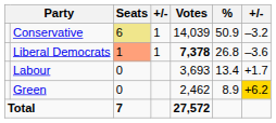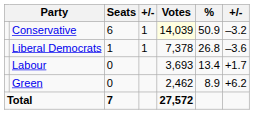 <table class="wikitable sortable">
 <tr>
 <th colspan="2">Party</th>
 <th>Seats</th>
 <th>+/-</th>
 <th>Votes</th>
 <th>%</th>
 <th>+/-</th>
 </tr>
 <tr>
 <td style="background-color: "></td>
 <td><a href='#'>Conservative</a></td>
-<td style="background: khaki;">6</td>
+<td>6</td>
 <td> 1</td>
-<td style="text-align:right;">14,039</td>
+<td style="background: lightyellow; text-align:right;">14,039</td>
 <td style="text-align:right;">50.9</td>
 <td style="text-align:right;">–3.2</td>
 </tr>
 <tr>
 <td style="background-color: "></td>
 <td><a href='#'>Liberal Democrats</a></td>
-<td style="background: lightsalmon;">1</td>
+<td>1</td>
 <td> 1</td>
-<td style="text-align:right;"><strong>7,378</strong></td>
+<td style="text-align:right;">7,378</td>
 <td style="text-align:right;">26.8</td>
 <td style="text-align:right;">–3.6</td>
 </tr>
 <tr>
 <td style="background-color: "></td>
 <td><a href='#'>Labour</a></td>
 <td>0</td>
 <td></td>
 <td style="text-align:right;">3,693</td>
 <td style="text-align:right;">13.4</td>
 <td style="text-align:right;">+1.7</td>
 </tr>
 <tr>
 <td style="background-color: "></td>
 <td><a href='#'>Green</a></td>
 <td>0</td>
 <td></td>
 <td style="text-align:right;">2,462</td>
 <td style="text-align:right;">8.9</td>
-<td style="background: gold; text-align:right;">+6.2</td>
+<td style="text-align:right;">+6.2</td>
 </tr>
 <tr>
 <td colspan="2"><strong>Total</strong></td>
 <td><strong>7</strong></td>
 <td></td>
 <td style="text-align:right;"><strong>27,572</strong></td>
 <td style="text-align:right;"></td>
 <td style="text-align:right;"></td>
 </tr>
 </table>
